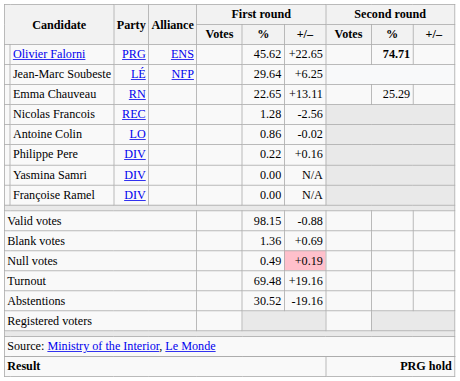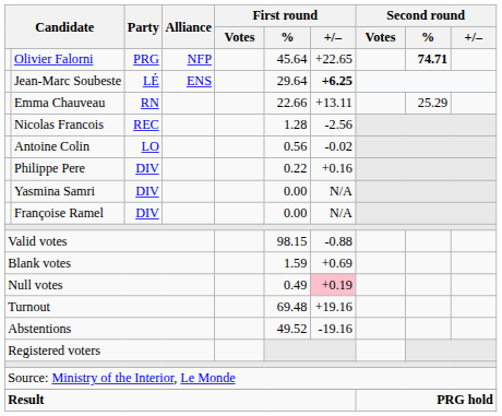 <table class="wikitable" style="text-align:right;font-size:95%;">
 <tr>
 <th rowspan="2" colspan="2">Candidate</th>
 <th rowspan="2">Party</th>
 <th rowspan="2">Alliance</th>
 <th colspan="3">First round</th>
 <th colspan="3">Second round</th>
 </tr>
 <tr>
 <th style="width:50px;">Votes</th>
 <th style="width:45px;">%</th>
 <th style="width:45px;">+/–</th>
 <th style="width:50px;">Votes</th>
 <th style="width:45px;">%</th>
 <th style="width:45px;">+/–</th>
 </tr>
 <tr>
 <td style="color:inherit;background:"></td>
 <td style="text-align:left;"><a href='#'>Olivier Falorni</a></td>
 <td><a href='#'>PRG</a></td>
-<td><a href='#'>ENS</a></td>
+<td><a href='#'>NFP</a></td>
 <td></td>
-<td>45.62</td>
+<td>45.64</td>
 <td>+22.65</td>
 <td><strong></strong></td>
 <td><strong>74.71</strong></td>
 <td></td>
 </tr>
 <tr>
 <td style="color:inherit;background:"></td>
 <td style="text-align:left;">Jean-Marc Soubeste</td>
 <td><a href='#'>LÉ</a></td>
-<td><a href='#'>NFP</a></td>
+<td><a href='#'>ENS</a></td>
 <td></td>
 <td>29.64</td>
-<td>+6.25</td>
+<td><strong>+6.25</strong></td>
 <td colspan="3" style="background:#F8F9FA;"></td>
 </tr>
 <tr>
 <td style="color:inherit;background:"></td>
 <td style="text-align:left;">Emma Chauveau</td>
 <td><a href='#'>RN</a></td>
 <td></td>
 <td></td>
-<td>22.65</td>
+<td>22.66</td>
 <td>+13.11</td>
 <td></td>
 <td>25.29</td>
 <td></td>
 </tr>
 <tr>
 <td style="color:inherit;background:"></td>
 <td style="text-align:left;">Nicolas Francois</td>
 <td><a href='#'>REC</a></td>
 <td></td>
 <td></td>
 <td>1.28</td>
 <td>-2.56</td>
 <td colspan="3" style="background:#E9E9E9;"></td>
 </tr>
 <tr>
 <td style="color:inherit;background:"></td>
 <td style="text-align:left;">Antoine Colin</td>
 <td><a href='#'>LO</a></td>
 <td></td>
 <td></td>
-<td>0.86</td>
+<td>0.56</td>
 <td>-0.02</td>
 <td colspan="3" style="background:#E9E9E9;"></td>
 </tr>
 <tr>
 <td style="color:inherit;background:"></td>
 <td style="text-align:left;">Philippe Pere</td>
 <td><a href='#'>DIV</a></td>
 <td></td>
 <td></td>
 <td>0.22</td>
 <td>+0.16</td>
 <td colspan="3" style="background:#E9E9E9;"></td>
 </tr>
 <tr>
 <td style="color:inherit;background:"></td>
 <td style="text-align:left;">Yasmina Samri</td>
 <td><a href='#'>DIV</a></td>
 <td></td>
 <td></td>
 <td>0.00</td>
 <td>N/A</td>
 <td colspan="3" style="background:#E9E9E9;"></td>
 </tr>
 <tr>
 <td style="color:inherit;background:"></td>
 <td style="text-align:left;">Françoise Ramel</td>
 <td><a href='#'>DIV</a></td>
 <td></td>
 <td></td>
 <td>0.00</td>
 <td>N/A</td>
 <td colspan="3" style="background:#E9E9E9;"></td>
 </tr>
 <tr>
 <td colspan="10" style="background:#E9E9E9;"></td>
 </tr>
 <tr>
 <td colspan="4" style="text-align:left;">Valid votes</td>
 <td></td>
 <td>98.15</td>
 <td>-0.88</td>
 <td></td>
 <td></td>
 <td></td>
 </tr>
 <tr>
 <td colspan="4" style="text-align:left;">Blank votes</td>
 <td></td>
-<td>1.36</td>
+<td>1.59</td>
 <td>+0.69</td>
 <td></td>
 <td></td>
 <td></td>
 </tr>
 <tr>
 <td colspan="4" style="text-align:left;">Null votes</td>
 <td></td>
 <td>0.49</td>
 <td style="background: pink;">+0.19</td>
 <td></td>
 <td></td>
 <td></td>
 </tr>
 <tr>
 <td colspan="4" style="text-align:left;">Turnout</td>
 <td></td>
 <td>69.48</td>
 <td>+19.16</td>
 <td></td>
 <td></td>
 <td></td>
 </tr>
 <tr>
 <td colspan="4" style="text-align:left;">Abstentions</td>
 <td></td>
-<td>30.52</td>
+<td>49.52</td>
 <td>-19.16</td>
 <td></td>
 <td></td>
 <td></td>
 </tr>
 <tr>
 <td colspan="4" style="text-align:left;">Registered voters</td>
 <td></td>
 <td colspan="2" style="background:#E9E9E9;"></td>
 <td></td>
 <td colspan="2" style="background:#E9E9E9;"></td>
 </tr>
 <tr>
 <td colspan="10" style="background:#E9E9E9;"></td>
 </tr>
 <tr>
 <td colspan="10" style="text-align:left;">Source: <a href='#'>Ministry of the Interior</a>, <a href='#'>Le Monde</a></td>
 </tr>
 <tr>
 </tr>
 <tr style="font-weight:bold">
 <td colspan="7" style="text-align:left;">Result</td>
 <td colspan="7" style="background-color:">PRG hold</td>
 </tr>
 </table>
